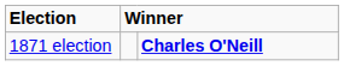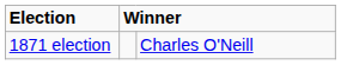 <table class="wikitable">
 <tr>
 <td width=100><strong>Election</strong></td>
 <td width=190 colspan=2><strong>Winner</strong></td>
 </tr>
 <tr>
 <td><a href='#'>1871 election</a></td>
 <td width=5% rowspan=1 bgcolor=></td>
-<td rowspan=1><strong><a href='#'>Charles O'Neill</a></strong></td>
+<td rowspan=1><a href='#'>Charles O'Neill</a></td>
 </tr>
 </table>
